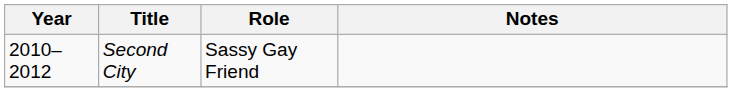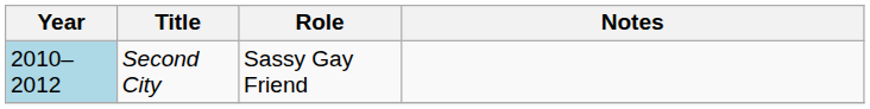 <table class="wikitable sortable">
 <tr>
 <th>Year</th>
 <th>Title</th>
 <th>Role</th>
 <th class="unsortable" style="width:20em;">Notes</th>
 </tr>
 <tr>
-<td>2010–2012</td>
+<td style="background: lightblue;">2010–2012</td>
 <td><em>Second City</em></td>
 <td>Sassy Gay Friend</td>
 <td></td>
 </tr>
 <tr>
 </tr>
 </table>
